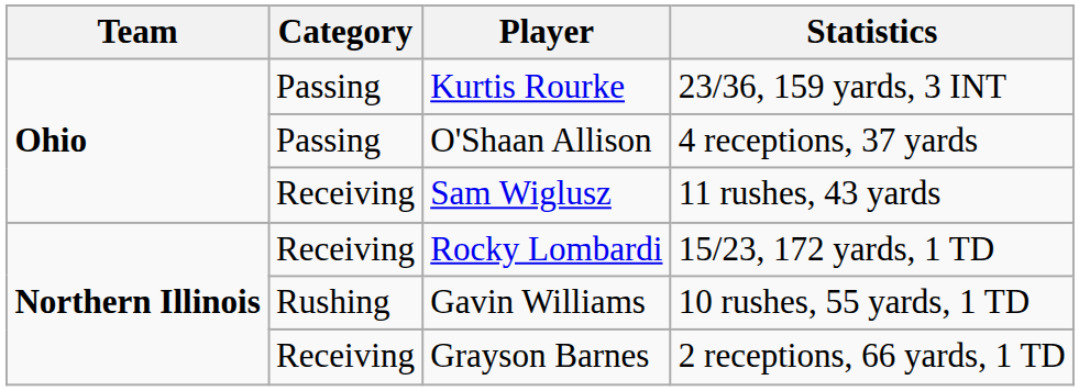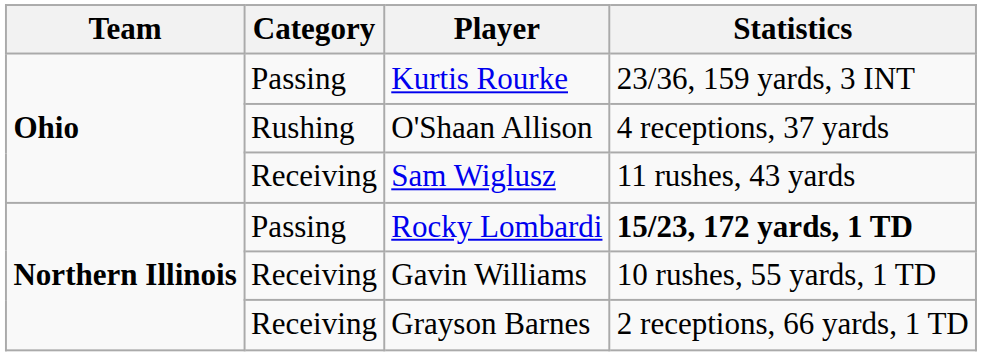 <table class="wikitable" style="float: right;">
 <tr>
 <th>Team</th>
 <th>Category</th>
 <th>Player</th>
 <th>Statistics</th>
 </tr>
 <tr>
 <td rowspan=3><strong>Ohio</strong></td>
 <td>Passing</td>
 <td><a href='#'>Kurtis Rourke</a></td>
 <td>23/36, 159 yards, 3 INT</td>
 </tr>
 <tr>
-<td>Passing</td>
+<td>Rushing</td>
 <td>O'Shaan Allison</td>
 <td>4 receptions, 37 yards</td>
 </tr>
 <tr>
 <td>Receiving</td>
 <td><a href='#'>Sam Wiglusz</a></td>
 <td>11 rushes, 43 yards</td>
 </tr>
 <tr>
 <td rowspan=3><strong>Northern Illinois</strong></td>
-<td>Receiving</td>
+<td>Passing</td>
 <td><a href='#'>Rocky Lombardi</a></td>
-<td>15/23, 172 yards, 1 TD</td>
+<td><strong>15/23, 172 yards, 1 TD</strong></td>
 </tr>
 <tr>
-<td>Rushing</td>
+<td>Receiving</td>
 <td>Gavin Williams</td>
 <td>10 rushes, 55 yards, 1 TD</td>
 </tr>
 <tr>
 <td>Receiving</td>
 <td>Grayson Barnes</td>
 <td>2 receptions, 66 yards, 1 TD</td>
 </tr>
 </table>
